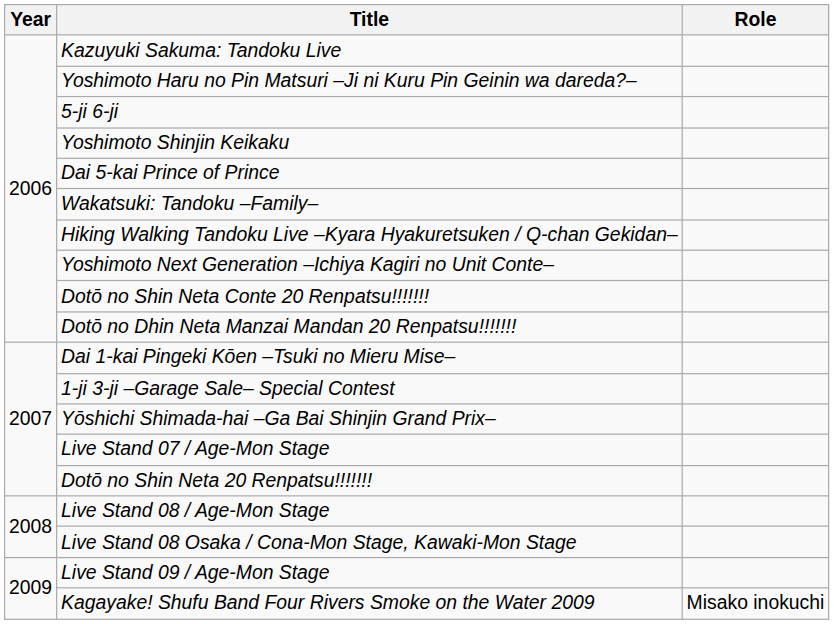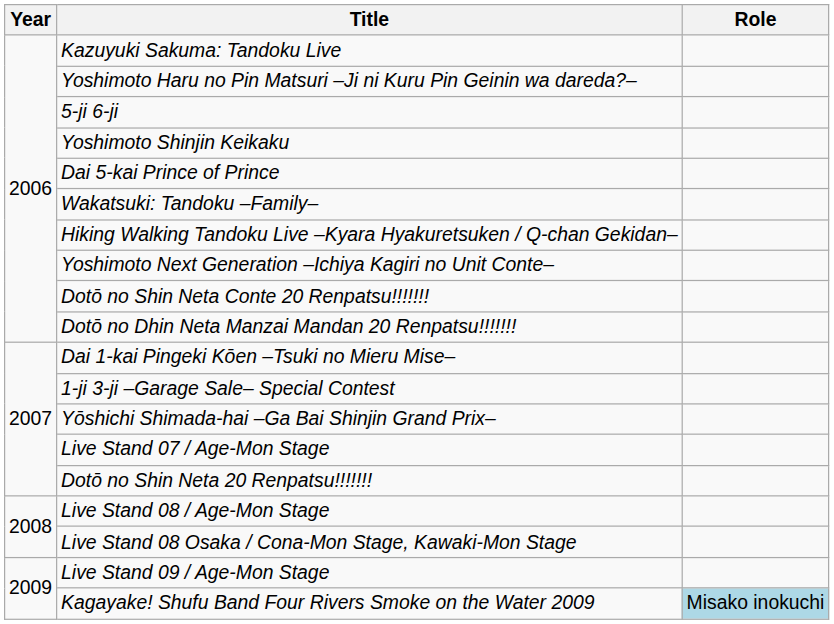 <table class="wikitable">
 <tr>
 <th>Year</th>
 <th>Title</th>
 <th>Role</th>
 </tr>
 <tr>
 <td rowspan="10">2006</td>
 <td><em>Kazuyuki Sakuma: Tandoku Live</em></td>
 <td></td>
 </tr>
 <tr>
 <td><em>Yoshimoto Haru no Pin Matsuri –Ji ni Kuru Pin Geinin wa dareda?–</em></td>
 <td></td>
 </tr>
 <tr>
 <td><em>5-ji 6-ji</em></td>
 <td></td>
 </tr>
 <tr>
 <td><em>Yoshimoto Shinjin Keikaku</em></td>
 <td></td>
 </tr>
 <tr>
 <td><em>Dai 5-kai Prince of Prince</em></td>
 <td></td>
 </tr>
 <tr>
 <td><em>Wakatsuki: Tandoku –Family–</em></td>
 <td></td>
 </tr>
 <tr>
 <td><em>Hiking Walking Tandoku Live –Kyara Hyakuretsuken / Q-chan Gekidan–</em></td>
 <td></td>
 </tr>
 <tr>
 <td><em>Yoshimoto Next Generation –Ichiya Kagiri no Unit Conte–</em></td>
 <td></td>
 </tr>
 <tr>
 <td><em>Dotō no Shin Neta Conte 20 Renpatsu!!!!!!!</em></td>
 <td></td>
 </tr>
 <tr>
 <td><em>Dotō no Dhin Neta Manzai Mandan 20 Renpatsu!!!!!!!</em></td>
 <td></td>
 </tr>
 <tr>
 <td rowspan="5">2007</td>
 <td><em>Dai 1-kai Pingeki Kōen –Tsuki no Mieru Mise–</em></td>
 <td></td>
 </tr>
 <tr>
 <td><em>1-ji 3-ji –Garage Sale– Special Contest</em></td>
 <td></td>
 </tr>
 <tr>
 <td><em>Yōshichi Shimada-hai –Ga Bai Shinjin Grand Prix–</em></td>
 <td></td>
 </tr>
 <tr>
 <td><em>Live Stand 07 / Age-Mon Stage</em></td>
 <td></td>
 </tr>
 <tr>
 <td><em>Dotō no Shin Neta 20 Renpatsu!!!!!!!</em></td>
 <td></td>
 </tr>
 <tr>
 <td rowspan="2">2008</td>
 <td><em>Live Stand 08 / Age-Mon Stage</em></td>
 <td></td>
 </tr>
 <tr>
 <td><em>Live Stand 08 Osaka / Cona-Mon Stage, Kawaki-Mon Stage</em></td>
 <td></td>
 </tr>
 <tr>
 <td rowspan="2">2009</td>
 <td><em>Live Stand 09 / Age-Mon Stage</em></td>
 <td></td>
 </tr>
 <tr>
 <td><em>Kagayake! Shufu Band Four Rivers Smoke on the Water 2009</em></td>
-<td>Misako inokuchi</td>
+<td style="background: lightblue;">Misako inokuchi</td>
 </tr>
 </table>
